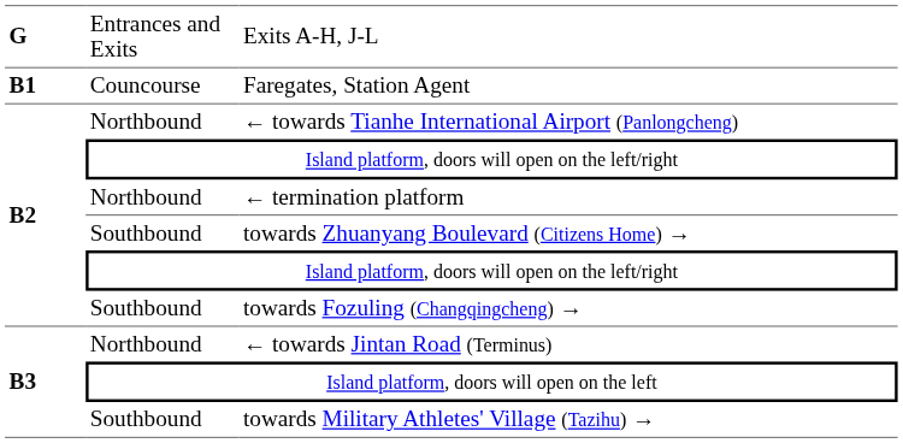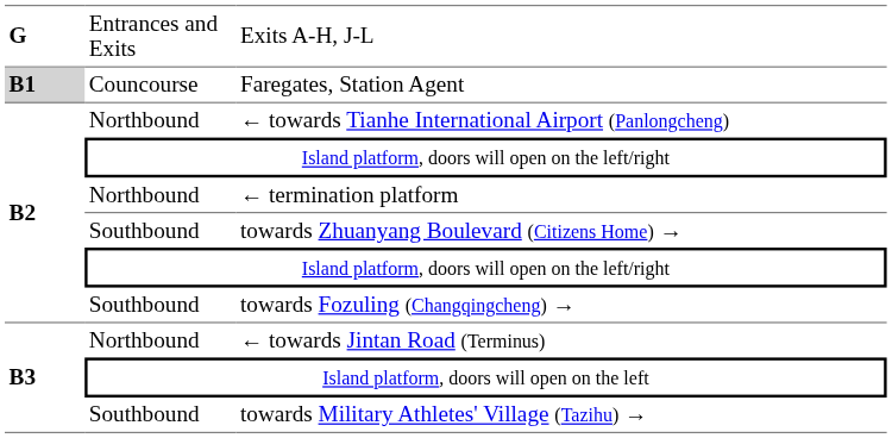 <table table border=0 cellspacing=0 cellpadding=3>
 <tr>
 <td style="border-top:solid 1px gray;border-bottom:solid 1px gray;" width=50><strong>G</strong></td>
 <td style="border-top:solid 1px gray;border-bottom:solid 1px gray;" width=100>Entrances and Exits</td>
 <td style="border-top:solid 1px gray;border-bottom:solid 1px gray;" width=450>Exits A-H, J-L</td>
 </tr>
 <tr>
-<td style="border-bottom:solid 1px gray;" width=50><strong>B1</strong></td>
+<td style="background: lightgrey; border-bottom:solid 1px gray;" width=50><strong>B1</strong></td>
 <td style="border-bottom:solid 1px gray;" width=100>Councourse</td>
 <td style="border-bottom:solid 1px gray;" width=450>Faregates, Station Agent</td>
 </tr>
 <tr>
 <td style="border-bottom:solid 1px gray;" rowspan=6><strong>B2</strong></td>
 <td>Northbound</td>
 <td>←  towards <a href='#'>Tianhe International Airport</a> <small>(<a href='#'>Panlongcheng</a>)</small></td>
 </tr>
 <tr>
 <td style="border-right:solid 2px black;border-left:solid 2px black;border-top:solid 2px black;border-bottom:solid 2px black;text-align:center;" colspan=2><small><a href='#'>Island platform</a>, doors will open on the left/right</small></td>
 </tr>
 <tr>
 <td style="border-bottom:solid 1px gray;">Northbound</td>
 <td style="border-bottom:solid 1px gray;">←  termination platform</td>
 </tr>
 <tr>
 <td>Southbound</td>
 <td style="border-top:solid 0px gray;"> towards <a href='#'>Zhuanyang Boulevard</a> <small>(<a href='#'>Citizens Home</a>)</small> →</td>
 </tr>
 <tr>
 <td style="border-right:solid 2px black;border-left:solid 2px black;border-top:solid 2px black;border-bottom:solid 2px black;text-align:center;" colspan=2><small><a href='#'>Island platform</a>, doors will open on the left/right</small></td>
 </tr>
 <tr>
 <td style="border-bottom:solid 1px gray;">Southbound</td>
 <td style="border-bottom:solid 1px gray;"> towards <a href='#'>Fozuling</a> <small>(<a href='#'>Changqingcheng</a>)</small> →</td>
 </tr>
 <tr>
 <td style="border-bottom:solid 1px gray;" rowspan=3><strong>B3</strong></td>
 <td>Northbound</td>
 <td>←  towards <a href='#'>Jintan Road</a> <small>(Terminus)</small></td>
 </tr>
 <tr>
 <td style="border-right:solid 2px black;border-left:solid 2px black;border-top:solid 2px black;border-bottom:solid 2px black;text-align:center;" colspan=2><small><a href='#'>Island platform</a>, doors will open on the left</small></td>
 </tr>
 <tr>
 <td style="border-bottom:solid 1px gray;">Southbound</td>
 <td style="border-bottom:solid 1px gray;"> towards <a href='#'>Military Athletes' Village</a> <small>(<a href='#'>Tazihu</a>)</small> →</td>
 </tr>
 </table>
